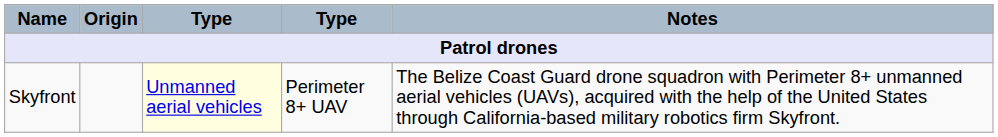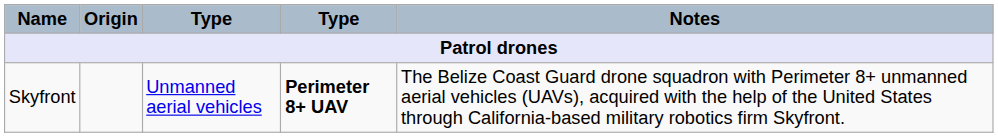 <table class="wikitable">
 <tr>
 <th style="text-align:center; background:#aabccc;">Name</th>
 <th style="text-align: center; background:#aabccc;">Origin</th>
 <th style="text-align:l center! ; background:#aabccc;">Type</th>
 <th style="text-align:l center; background:#aabccc;">Type</th>
 <th style="text-align: center; background:#aabccc;">Notes</th>
 </tr>
 <tr>
 <th style="align: center; background: lavender;" colspan="6">Patrol drones</th>
 </tr>
 <tr>
 <td>Skyfront</td>
 <td></td>
-<td style="background: lightyellow;"><a href='#'>Unmanned aerial vehicles</a></td>
-<td>Perimeter 8+ UAV</td>
+<td><a href='#'>Unmanned aerial vehicles</a></td>
+<td><strong>Perimeter 8+ UAV</strong></td>
 <td>The Belize Coast Guard drone squadron with Perimeter 8+ unmanned aerial vehicles (UAVs), acquired with the help of the United States through California-based military robotics firm Skyfront.</td>
 </tr>
 </table>
